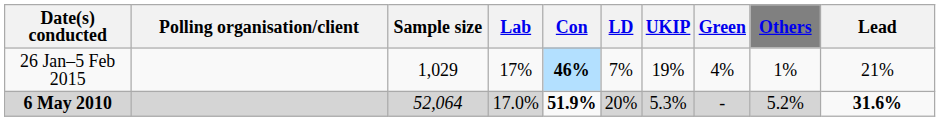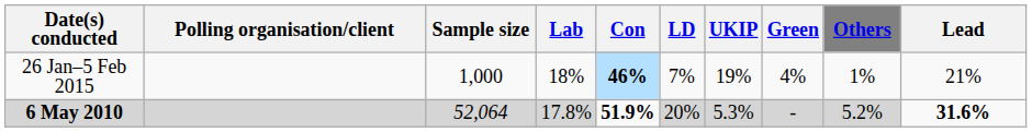 <table class="wikitable sortable" style="text-align:center;font-size:90%;line-height:14px">
 <tr>
 <th ! style="width:95px;">Date(s)<br>conducted</th>
 <th style="width:200px;">Polling organisation/client</th>
 <th class="unsortable" style="width:75px;">Sample size</th>
 <th class="unsortable" style="background:"><a href='#'><span>Lab</span></a></th>
 <th class="unsortable" style="background:"><a href='#'><span>Con</span></a></th>
 <th class="unsortable" style="background:"><a href='#'><span>LD</span></a></th>
 <th class="unsortable" style="background:"><a href='#'><span>UKIP</span></a></th>
 <th class="unsortable" style="background:"><a href='#'><span>Green</span></a></th>
 <th class="unsortable" style="background:gray; width:50px;"><a href='#'><span>Others</span></a></th>
 <th class="unsortable" style="width:85px;">Lead</th>
 </tr>
 <tr>
 <td>26 Jan–5 Feb 2015</td>
 <td> </td>
-<td>1,029</td>
-<td>17%</td>
+<td>1,000</td>
+<td>18%</td>
 <td style="background:#B3E0FF"><strong>46%</strong></td>
 <td>7%</td>
 <td>19%</td>
 <td>4%</td>
 <td>1%</td>
 <td style="background:">21%</td>
 </tr>
 <tr>
 <td style="background:#D5D5D5"><strong>6 May 2010</strong></td>
 <td style="background:#D5D5D5"></td>
 <td style="background:#D5D5D5"><em>52,064</em></td>
-<td style="background:#D5D5D5">17.0%</td>
+<td style="background:#D5D5D5">17.8%</td>
 <td style="background:"><strong>51.9%</strong></td>
 <td style="background:#D5D5D5">20%</td>
 <td style="background:#D5D5D5">5.3%</td>
 <td style="background:#D5D5D5">-</td>
 <td style="background:#D5D5D5">5.2%</td>
 <td style="background:"><strong>31.6% </strong></td>
 </tr>
 </table>
